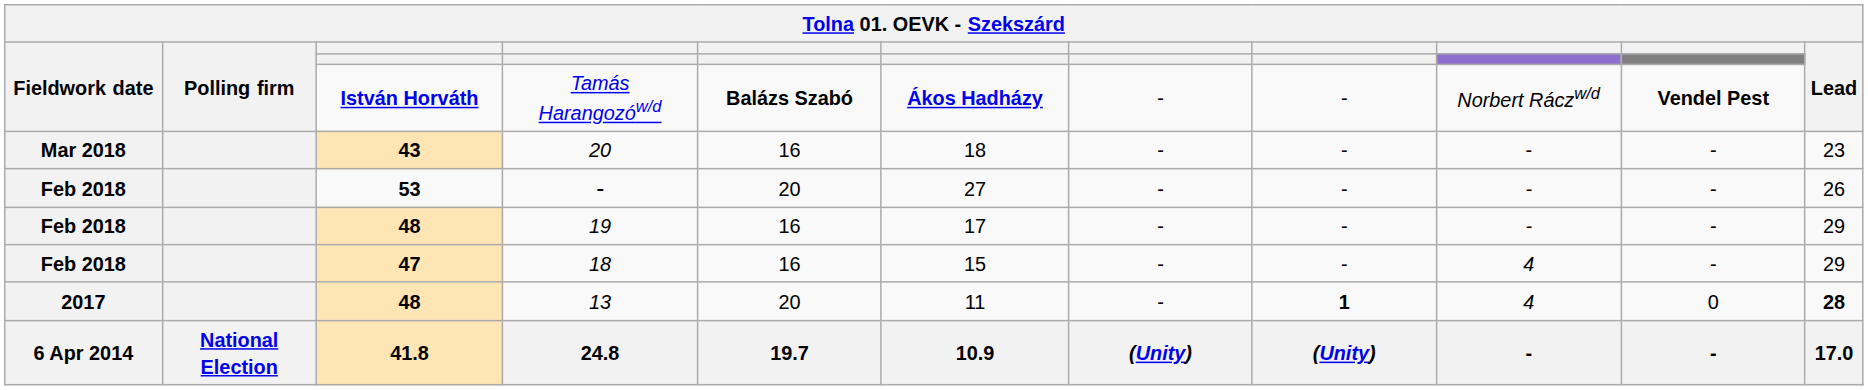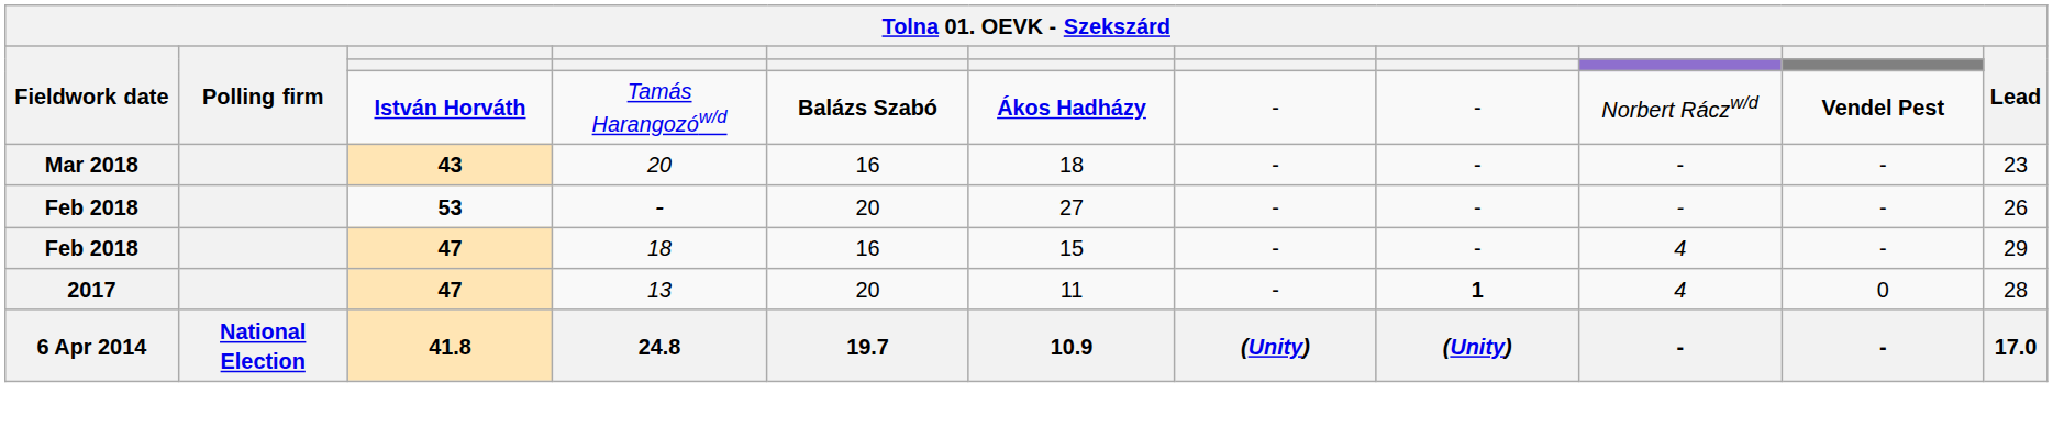 <table class="wikitable mw-collapsible mw-collapsed" style="text-align:center">
 <tr>
 <th colspan="11" style="width: 980pt;"><small><a href='#'>Tolna</a> 01. OEVK -</small> <a href='#'><small>Szekszárd</small></a></th>
 </tr>
 <tr>
 <th rowspan="3" style="width: 80pt;"><small>Fieldwork</small> <small>date</small></th>
 <th rowspan="3" style="width: 80pt;"><strong><small>Polling</small> <small>firm</small></strong></th>
 <th style="width: 100pt;"><small></small></th>
 <th style="width: 100pt;"><small> </small></th>
 <th style="width: 100pt;"></th>
 <th style="width: 100pt;"></th>
 <th style="width: 100pt;"></th>
 <th style="width: 100pt;"></th>
 <th style="width: 100pt;"></th>
 <th style="width: 100pt;"></th>
 <th rowspan="3" style="width: 20pt;"><small>Lead</small></th>
 </tr>
 <tr>
 <th style="color:inherit;background:"></th>
 <th style="color:inherit;background:"></th>
 <th style="color:inherit;background:"></th>
 <th style="color:inherit;background:"></th>
 <th style="color:inherit;background:"></th>
 <th style="color:inherit;background:"></th>
 <th style="color:inherit;background:#8E6FCE;"></th>
 <th style="color:inherit;background:#808080;"></th>
 </tr>
 <tr>
 <td><small><a href='#'><strong>István Horváth</strong></a></small></td>
 <td><small><a href='#'><em>Tamás Harangozó<sup>w/d</sup></em></a></small></td>
 <td><small><strong>Balázs Szabó</strong></small></td>
 <td><small><strong><a href='#'>Ákos Hadházy</a></strong></small></td>
 <td><small>-</small></td>
 <td><small>-</small></td>
 <td><small><em>Norbert Rácz<sup>w/d</sup></em></small></td>
 <td><small><strong>Vendel Pest</strong></small></td>
 </tr>
 <tr>
 <th><small>Mar 2018</small></th>
 <th><small></small></th>
 <td style="background:#FFE5B4"><small><strong>43</strong></small></td>
 <td><small><em>20</em></small></td>
 <td><small>16</small></td>
 <td><small>18</small></td>
 <td><small>-</small></td>
 <td><small>-</small></td>
 <td><small>-</small></td>
 <td><small>-</small></td>
 <td style="background:"><small>23</small></td>
 </tr>
 <tr>
 <th><small>Feb 2018</small></th>
 <th><small> </small></th>
 <td><small><strong>53</strong></small></td>
 <td><em>-</em></td>
 <td><small>20</small></td>
 <td><small>27</small></td>
 <td><small>-</small></td>
 <td><small>-</small></td>
 <td><em><small>-</small></em></td>
 <td><small>-</small></td>
 <td><small>26</small></td>
 </tr>
 <tr>
 <th><small>Feb 2018</small></th>
 <th><small> </small></th>
-<td style="background:#FFE5B4"><small><strong>48</strong></small></td>
-<td><small><em>19</em></small></td>
-<td><small>16</small></td>
-<td><small>17</small></td>
-<td><small>-</small></td>
-<td><small>-</small></td>
-<td><em><small>-</small></em></td>
-<td><small>-</small></td>
-<td style="background:"><small>29</small></td>
-</tr>
-<tr>
-<th><small>Feb 2018</small></th>
-<th><small> </small></th>
 <td style="background:#FFE5B4"><small><strong>47</strong></small></td>
 <td><small><em>18</em></small></td>
 <td><small>16</small></td>
 <td><small>15</small></td>
 <td><small>-</small></td>
 <td><small>-</small></td>
 <td><small><em>4</em></small></td>
 <td><small>-</small></td>
 <td style="background:"><small>29</small></td>
 </tr>
 <tr>
 <th><small>2017</small></th>
 <th><small></small></th>
-<td style="background:#FFE5B4"><small><strong>48</strong></small></td>
+<td style="background:#FFE5B4"><small><strong>47</strong></small></td>
 <td><small><em>13</em></small></td>
 <td><small>20</small></td>
 <td><small>11</small></td>
 <td><small>-</small></td>
 <td><strong><small>1</small></strong></td>
 <td><small><em>4</em></small></td>
 <td><small>0</small></td>
-<td style="background:"><strong><small>28</small></strong></td>
+<td style="background:"><small>28</small></td>
 </tr>
 <tr>
 <th><small>6 Apr 2014</small></th>
 <th><a href='#'><small>National Election</small></a></th>
 <th style="background:#FFE5B4"><small><strong>41.8</strong></small></th>
 <th><small>24.8</small></th>
 <th><small>19.7</small></th>
 <th><small>10.9</small></th>
 <th><small><em>(<a href='#'>Unity</a>)</em></small></th>
 <th><small><em>(<a href='#'>Unity</a>)</em></small></th>
 <th><small>-</small></th>
 <th><small>-</small></th>
 <th style="background:"><small>17.0</small></th>
 </tr>
 </table>
